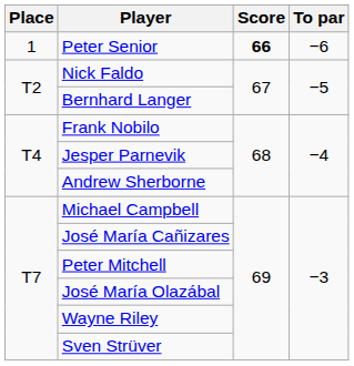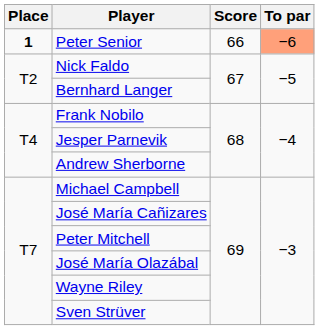 <table class="wikitable">
 <tr>
 <th>Place</th>
 <th>Player</th>
 <th>Score</th>
 <th>To par</th>
 </tr>
 <tr>
-<td align=center>1</td>
+<td align=center><strong>1</strong></td>
 <td> <a href='#'>Peter Senior</a></td>
-<td align=center><strong>66</strong></td>
-<td align=center>−6</td>
+<td align=center>66</td>
+<td align=center style="background: lightsalmon;">−6</td>
 </tr>
 <tr>
 <td rowspan="2" align=center>T2</td>
 <td> <a href='#'>Nick Faldo</a></td>
 <td rowspan="2" align=center>67</td>
 <td rowspan="2" align=center>−5</td>
 </tr>
 <tr>
 <td> <a href='#'>Bernhard Langer</a></td>
 </tr>
 <tr>
 <td rowspan="3" align=center>T4</td>
 <td> <a href='#'>Frank Nobilo</a></td>
 <td rowspan="3" align=center>68</td>
 <td rowspan="3" align=center>−4</td>
 </tr>
 <tr>
 <td> <a href='#'>Jesper Parnevik</a></td>
 </tr>
 <tr>
 <td> <a href='#'>Andrew Sherborne</a></td>
 </tr>
 <tr>
 <td rowspan="6" align=center>T7</td>
 <td> <a href='#'>Michael Campbell</a></td>
 <td rowspan="6" align=center>69</td>
 <td rowspan="6" align=center>−3</td>
 </tr>
 <tr>
 <td> <a href='#'>José María Cañizares</a></td>
 </tr>
 <tr>
 <td> <a href='#'>Peter Mitchell</a></td>
 </tr>
 <tr>
 <td> <a href='#'>José María Olazábal</a></td>
 </tr>
 <tr>
 <td> <a href='#'>Wayne Riley</a></td>
 </tr>
 <tr>
 <td> <a href='#'>Sven Strüver</a></td>
 </tr>
 </table>
